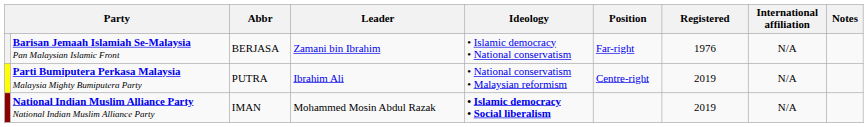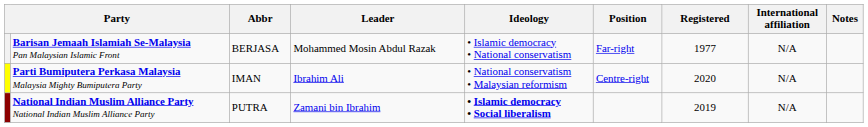 <table class="wikitable sortable collapsible collapsed" width="100%">
 <tr>
 <th colspan="2" scope="col" class="unsortable" width="20px">Party</th>
 <th scope="col" class="unsortable">Abbr</th>
 <th scope="col" class="unsortable">Leader</th>
 <th scope="col" class="unsortable">Ideology</th>
 <th scope="col" class="unsortable">Position</th>
 <th data-sort-type="number" width="10%">Registered</th>
 <th scope="col" class="unsortable">International<br>affiliation</th>
 <th scope="col" class="unsortable">Notes</th>
 </tr>
 <tr>
 <th></th>
 <td><strong><a href='#'>Barisan Jemaah Islamiah Se-Malaysia</a></strong><br> <small><em>Pan Malaysian Islamic Front</em></small></td>
 <td>BERJASA</td>
-<td><a href='#'>Zamani bin Ibrahim</a></td>
+<td>Mohammed Mosin Abdul Razak</td>
 <td>• <a href='#'>Islamic democracy</a> <br> • <a href='#'>National conservatism</a></td>
 <td><a href='#'>Far-right</a></td>
-<td style="text-align:center;">1976</td>
+<td style="text-align:center;">1977</td>
 <td style="text-align:center;">N/A</td>
 <td style="text-align:center;"></td>
 </tr>
 <tr>
 <th style="background-color:yellow"></th>
 <td><strong><a href='#'>Parti Bumiputera Perkasa Malaysia</a></strong><br> <small><em>Malaysia Mighty Bumiputera Party</em></small></td>
-<td>PUTRA</td>
+<td>IMAN</td>
 <td><a href='#'>Ibrahim Ali</a></td>
 <td>• <a href='#'>National conservatism</a><br>• <a href='#'>Malaysian reformism</a></td>
 <td><a href='#'>Centre-right</a></td>
-<td style="text-align:center;">2019</td>
+<td style="text-align:center;">2020</td>
 <td style="text-align:center;">N/A</td>
 <td style="text-align:center;"></td>
 </tr>
 <tr>
 <th style= "background-color:darkred"></th>
 <td><strong><a href='#'>National Indian Muslim Alliance Party</a></strong><br> <small><em>National Indian Muslim Alliance Party</em></small></td>
-<td>IMAN</td>
-<td>Mohammed Mosin Abdul Razak</td>
+<td>PUTRA</td>
+<td><a href='#'>Zamani bin Ibrahim</a></td>
 <td><strong>• <a href='#'>Islamic democracy</a> <br> • <a href='#'>Social liberalism</a></strong></td>
 <td></td>
 <td style="text-align:center;">2019</td>
 <td style="text-align:center;">N/A</td>
 <td style="text-align:center;"></td>
 </tr>
 </table>
